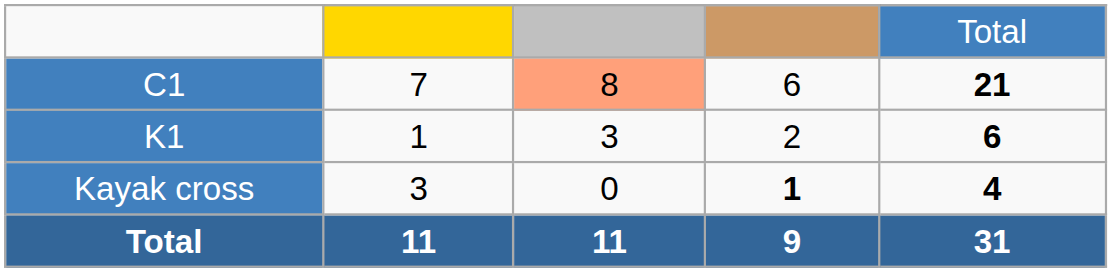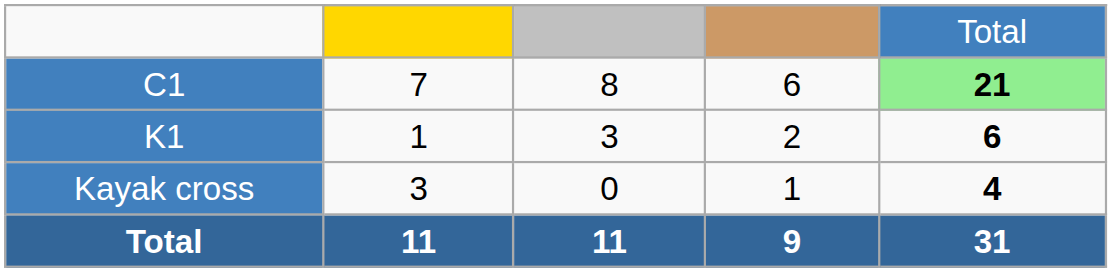 <table class="wikitable"  style="font-size:95%; text-align:center; border:gray solid 1px; width:40%;">
 <tr>
 <td rowspan="2" style="width:3%;"></td>
 </tr>
 <tr>
 <td style="width:2%;" bgcolor=gold></td>
 <td style="width:2%;" bgcolor=silver></td>
 <td style="width:2%;" bgcolor=cc9966></td>
 <td style="width:2%; background-color:#4180be; color:white;">Total</td>
 </tr>
 <tr>
 <td style="background-color:#4180be; color:white;">C1</td>
 <td>7</td>
-<td style="background: lightsalmon;">8</td>
+<td>8</td>
 <td>6</td>
-<td><strong>21</strong></td>
+<td style="background: lightgreen;"><strong>21</strong></td>
 </tr>
 <tr>
 <td style="background-color:#4180be; color:white;">K1</td>
 <td>1</td>
 <td>3</td>
 <td>2</td>
 <td><strong>6</strong></td>
 </tr>
 <tr>
 <td style="background-color:#4180be; color:white;">Kayak cross</td>
 <td>3</td>
 <td>0</td>
-<td><strong>1</strong></td>
+<td>1</td>
 <td><strong>4</strong></td>
 </tr>
 <tr style="background:#369; color:white;">
 <td><strong>Total</strong></td>
 <td><strong>11</strong></td>
 <td><strong>11</strong></td>
 <td><strong>9</strong></td>
 <td><strong>31</strong></td>
 </tr>
 </table>
